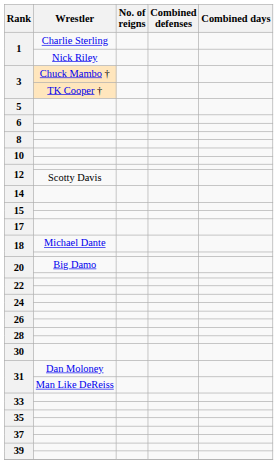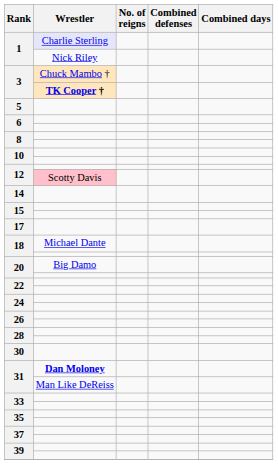 <table class="wikitable sortable" style="text-align:center;">
 <tr>
 <th>Rank</th>
 <th>Wrestler</th>
 <th>No. of<br>reigns</th>
 <th>Combined<br>defenses</th>
 <th>Combined days</th>
 </tr>
 <tr>
 <th rowspan=2>1</th>
-<td><a href='#'>Charlie Sterling</a></td>
+<td style="background: lavender;"><a href='#'>Charlie Sterling</a></td>
 <td></td>
 <td></td>
 <td></td>
 </tr>
 <tr>
 <td><a href='#'>Nick Riley</a></td>
 <td></td>
 <td></td>
 <td></td>
 </tr>
 <tr>
 <th rowspan=2>3</th>
 <td style="background-color:#ffe6bd"><a href='#'>Chuck Mambo</a> †</td>
 <td></td>
 <td></td>
 <td></td>
 </tr>
 <tr>
-<td style="background-color:#ffe6bd"><a href='#'>TK Cooper</a> †</td>
+<td style="background-color:#ffe6bd"><strong><a href='#'>TK Cooper</a> †</strong></td>
 <td></td>
 <td></td>
 <td></td>
 </tr>
 <tr>
 <th>5</th>
 <td></td>
 <td></td>
 <td></td>
 <td></td>
 </tr>
 <tr>
 <th rowspan=2>6</th>
 <td></td>
 <td></td>
 <td></td>
 <td></td>
 </tr>
 <tr>
 <td></td>
 <td></td>
 <td></td>
 <td></td>
 </tr>
 <tr>
 <th rowspan=2>8</th>
 <td></td>
 <td></td>
 <td></td>
 <td></td>
 </tr>
 <tr>
 <td></td>
 <td></td>
 <td></td>
 <td></td>
 </tr>
 <tr>
 <th rowspan=2>10</th>
 <td></td>
 <td></td>
 <td></td>
 <td></td>
 </tr>
 <tr>
 <td></td>
 <td></td>
 <td></td>
 <td></td>
 </tr>
 <tr>
 <th rowspan=2>12</th>
 <td></td>
 <td></td>
 <td></td>
 <td></td>
 </tr>
 <tr>
-<td>Scotty Davis</td>
+<td style="background: pink;">Scotty Davis</td>
 <td></td>
 <td></td>
 <td></td>
 </tr>
 <tr>
 <th>14</th>
 <td></td>
 <td></td>
 <td></td>
 <td></td>
 </tr>
 <tr>
 <th rowspan=2>15</th>
 <td></td>
 <td></td>
 <td></td>
 <td></td>
 </tr>
 <tr>
 <td></td>
 <td></td>
 <td></td>
 <td></td>
 </tr>
 <tr>
 <th>17</th>
 <td></td>
 <td></td>
 <td></td>
 <td></td>
 </tr>
 <tr>
 <th rowspan=2>18</th>
 <td><a href='#'>Michael Dante</a></td>
 <td></td>
 <td></td>
 <td></td>
 </tr>
 <tr>
 <td></td>
 <td></td>
 <td></td>
 <td></td>
 </tr>
 <tr>
 <th rowspan=2>20</th>
 <td><a href='#'>Big Damo</a></td>
 <td></td>
 <td></td>
 <td></td>
 </tr>
 <tr>
 <td></td>
 <td></td>
 <td></td>
 <td></td>
 </tr>
 <tr>
 <th rowspan=2>22</th>
 <td></td>
 <td></td>
 <td></td>
 <td></td>
 </tr>
 <tr>
 <td></td>
 <td></td>
 <td></td>
 <td></td>
 </tr>
 <tr>
 <th rowspan=2>24</th>
 <td></td>
 <td></td>
 <td></td>
 <td></td>
 </tr>
 <tr>
 <td></td>
 <td></td>
 <td></td>
 <td></td>
 </tr>
 <tr>
 <th rowspan=2>26</th>
 <td></td>
 <td></td>
 <td></td>
 <td></td>
 </tr>
 <tr>
 <td></td>
 <td></td>
 <td></td>
 <td></td>
 </tr>
 <tr>
 <th rowspan=2>28</th>
 <td></td>
 <td></td>
 <td></td>
 <td></td>
 </tr>
 <tr>
 <td></td>
 <td></td>
 <td></td>
 <td></td>
 </tr>
 <tr>
 <th>30</th>
 <td></td>
 <td></td>
 <td></td>
 <td></td>
 </tr>
 <tr>
 <th rowspan=2>31</th>
-<td><a href='#'>Dan Moloney</a></td>
+<td><strong><a href='#'>Dan Moloney</a></strong></td>
 <td></td>
 <td></td>
 <td></td>
 </tr>
 <tr>
 <td><a href='#'>Man Like DeReiss</a></td>
 <td></td>
 <td></td>
 <td></td>
 </tr>
 <tr>
 <th rowspan=2>33</th>
 <td></td>
 <td></td>
 <td></td>
 <td></td>
 </tr>
 <tr>
 <td></td>
 <td></td>
 <td></td>
 <td></td>
 </tr>
 <tr>
 <th rowspan=2>35</th>
 <td></td>
 <td></td>
 <td></td>
 <td></td>
 </tr>
 <tr>
 <td></td>
 <td></td>
 <td></td>
 <td></td>
 </tr>
 <tr>
 <th rowspan=2>37</th>
 <td></td>
 <td></td>
 <td></td>
 <td></td>
 </tr>
 <tr>
 <td></td>
 <td></td>
 <td></td>
 <td></td>
 </tr>
 <tr>
 <th rowspan=2>39</th>
 <td></td>
 <td></td>
 <td></td>
 <td></td>
 </tr>
 <tr>
 <td></td>
 <td></td>
 <td></td>
 <td></td>
 </tr>
 <tr>
 </tr>
 </table>
